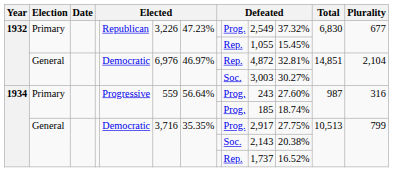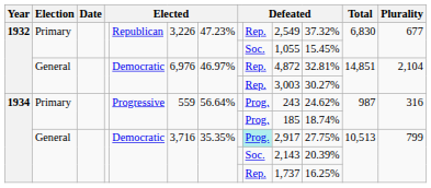 <table class=wikitable>
 <tr>
 <th>Year</th>
 <th>Election</th>
 <th>Date</th>
 <th ! colspan="4">Elected</th>
 <th ! colspan="4">Defeated</th>
 <th>Total</th>
 <th>Plurality</th>
 </tr>
 <tr>
 <th rowspan="4" valign="top">1932</th>
 <td rowspan="2" valign="top">Primary</td>
 <td rowspan="2" valign="top"></td>
 <td rowspan="2" valign="top"></td>
 <td rowspan="2" valign="top" ><a href='#'>Republican</a></td>
 <td rowspan="2" valign="top" align="right">3,226</td>
 <td rowspan="2" valign="top" align="right">47.23%</td>
 <td valign="top"></td>
-<td valign="top" ><a href='#'>Prog.</a></td>
+<td valign="top" ><a href='#'>Rep.</a></td>
 <td valign="top" align="right">2,549</td>
 <td valign="top" align="right">37.32%</td>
 <td rowspan="2" valign="top" align="right">6,830</td>
 <td rowspan="2" valign="top" align="right">677</td>
 </tr>
 <tr>
 <td valign="top"></td>
-<td valign="top" ><a href='#'>Rep.</a></td>
+<td valign="top" ><a href='#'>Soc.</a></td>
 <td valign="top" align="right">1,055</td>
 <td valign="top" align="right">15.45%</td>
 </tr>
 <tr>
 <td rowspan="2" valign="top">General</td>
 <td rowspan="2" valign="top"></td>
 <td rowspan="2" valign="top"></td>
 <td rowspan="2" valign="top" ><a href='#'>Democratic</a></td>
 <td rowspan="2" valign="top" align="right">6,976</td>
 <td rowspan="2" valign="top" align="right">46.97%</td>
 <td valign="top"></td>
 <td valign="top" ><a href='#'>Rep.</a></td>
 <td valign="top" align="right">4,872</td>
 <td valign="top" align="right">32.81%</td>
 <td rowspan="2" valign="top" align="right">14,851</td>
 <td rowspan="2" valign="top" align="right">2,104</td>
 </tr>
 <tr>
 <td valign="top"></td>
-<td valign="top" ><a href='#'>Soc.</a></td>
+<td valign="top" ><a href='#'>Rep.</a></td>
 <td valign="top" align="right">3,003</td>
 <td valign="top" align="right">30.27%</td>
 </tr>
 <tr>
 <th rowspan="5" valign="top">1934</th>
 <td rowspan="2" valign="top">Primary</td>
 <td rowspan="2" valign="top"></td>
 <td rowspan="2" valign="top"></td>
 <td rowspan="2" valign="top" ><a href='#'>Progressive</a></td>
 <td rowspan="2" valign="top" align="right">559</td>
 <td rowspan="2" valign="top" align="right">56.64%</td>
 <td valign="top"></td>
 <td valign="top" ><a href='#'>Prog.</a></td>
 <td valign="top" align="right">243</td>
-<td valign="top" align="right">27.60%</td>
+<td valign="top" align="right">24.62%</td>
 <td rowspan="2" valign="top" align="right">987</td>
 <td rowspan="2" valign="top" align="right">316</td>
 </tr>
 <tr>
 <td valign="top"></td>
 <td valign="top" ><a href='#'>Prog.</a></td>
 <td valign="top" align="right">185</td>
 <td valign="top" align="right">18.74%</td>
 </tr>
 <tr>
 <td rowspan="3" valign="top">General</td>
 <td rowspan="3" valign="top"></td>
 <td rowspan="3" valign="top"></td>
 <td rowspan="3" valign="top" ><a href='#'>Democratic</a></td>
 <td rowspan="3" valign="top" align="right">3,716</td>
 <td rowspan="3" valign="top" align="right">35.35%</td>
 <td valign="top"></td>
-<td valign="top" ><a href='#'>Prog.</a></td>
+<td valign="top"  style="background: paleturquoise;"><a href='#'>Prog.</a></td>
 <td valign="top" align="right">2,917</td>
 <td valign="top" align="right">27.75%</td>
 <td rowspan="3" valign="top" align="right">10,513</td>
 <td rowspan="3" valign="top" align="right">799</td>
 </tr>
 <tr>
 <td valign="top"></td>
 <td valign="top" ><a href='#'>Soc.</a></td>
 <td valign="top" align="right">2,143</td>
-<td valign="top" align="right">20.38%</td>
+<td valign="top" align="right">20.39%</td>
 </tr>
 <tr>
 <td valign="top"></td>
 <td valign="top" ><a href='#'>Rep.</a></td>
 <td valign="top" align="right">1,737</td>
-<td valign="top" align="right">16.52%</td>
+<td valign="top" align="right">16.25%</td>
 </tr>
 </table>
